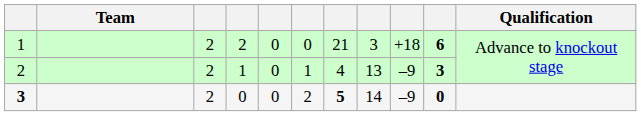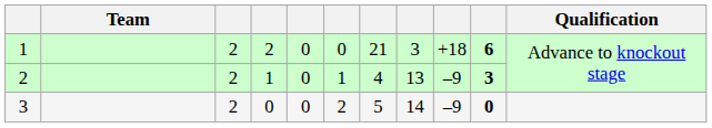 <table class="wikitable" style="text-align: center;">
 <tr>
 <th width="25"></th>
 <th width="150">Team</th>
 <th width="25"></th>
 <th width="25"></th>
 <th width="25"></th>
 <th width="25"></th>
 <th width="25"></th>
 <th width="25"></th>
 <th width="25"></th>
 <th width="25"></th>
 <th width="170">Qualification</th>
 </tr>
 <tr align=center style="background:#ccffcc;">
 <td>1</td>
 <td style="text-align:left;"></td>
 <td>2</td>
 <td>2</td>
 <td>0</td>
 <td>0</td>
 <td>21</td>
 <td>3</td>
 <td>+18</td>
 <td><strong>6</strong></td>
 <td rowspan="2">Advance to <a href='#'>knockout stage</a></td>
 </tr>
 <tr align=center style="background:#ccffcc;">
 <td>2</td>
 <td style="text-align:left;"></td>
 <td>2</td>
 <td>1</td>
 <td>0</td>
 <td>1</td>
 <td>4</td>
 <td>13</td>
 <td>–9</td>
 <td><strong>3</strong></td>
 </tr>
 <tr align=center style="background:#f5f5f5;">
-<td><strong>3</strong></td>
+<td>3</td>
 <td style="text-align:left;"></td>
 <td>2</td>
 <td>0</td>
 <td>0</td>
 <td>2</td>
-<td><strong>5</strong></td>
+<td>5</td>
 <td>14</td>
 <td>–9</td>
 <td><strong>0</strong></td>
 <td></td>
 </tr>
 </table>
